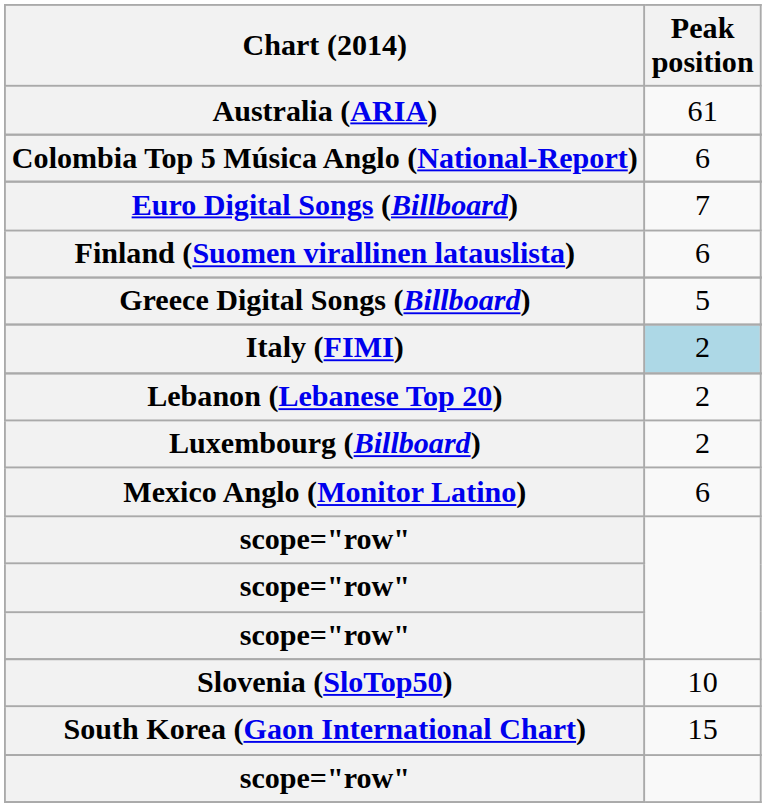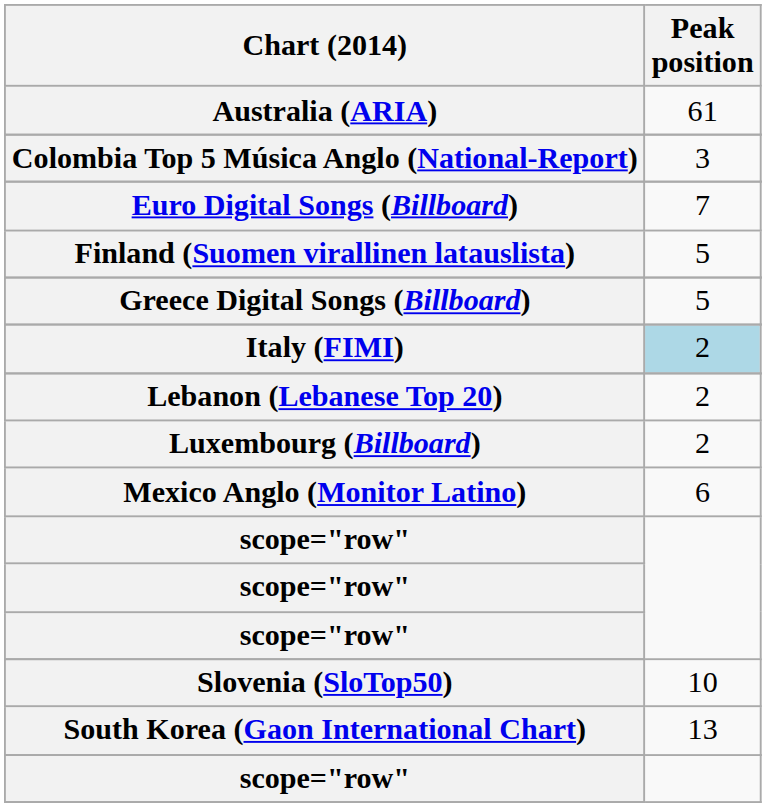 <table class="wikitable sortable plainrowheaders">
 <tr>
 <th>Chart (2014)</th>
 <th>Peak<br>position</th>
 </tr>
 <tr>
 <th scope="row">Australia (<a href='#'>ARIA</a>)</th>
 <td style="text-align:center;">61</td>
 </tr>
 <tr>
 </tr>
 <tr>
 </tr>
 <tr>
 </tr>
 <tr>
 </tr>
 <tr>
 </tr>
 <tr>
 </tr>
 <tr>
 </tr>
 <tr>
 </tr>
 <tr>
 <th scope="row">Colombia Top 5 Música Anglo (<a href='#'>National-Report</a>)</th>
-<td style="text-align:center;">6</td>
+<td style="text-align:center;">3</td>
 </tr>
 <tr>
 </tr>
 <tr>
 </tr>
 <tr>
 </tr>
 <tr>
 <th scope="row"><a href='#'>Euro Digital Songs</a> (<em><a href='#'>Billboard</a></em>)</th>
 <td align="center">7</td>
 </tr>
 <tr>
 <th scope="row">Finland (<a href='#'>Suomen virallinen latauslista</a>)</th>
-<td style="text-align:center;">6</td>
+<td style="text-align:center;">5</td>
 </tr>
 <tr>
 </tr>
 <tr>
 </tr>
 <tr>
 <th scope="row">Greece Digital Songs (<em><a href='#'>Billboard</a></em>)</th>
 <td align="center">5</td>
 </tr>
 <tr>
 </tr>
 <tr>
 </tr>
 <tr>
 </tr>
 <tr>
 </tr>
 <tr>
 <th scope="row">Italy (<a href='#'>FIMI</a>)</th>
 <td align="center" style="background: lightblue;">2</td>
 </tr>
 <tr>
 </tr>
 <tr>
 <th scope="row">Lebanon (<a href='#'>Lebanese Top 20</a>)</th>
 <td style="text-align:center;">2</td>
 </tr>
 <tr>
 <th scope="row">Luxembourg (<a href='#'><em>Billboard</em></a>)</th>
 <td style="text-align:center">2</td>
 </tr>
 <tr>
 <th scope="row">Mexico Anglo (<a href='#'>Monitor Latino</a>)</th>
 <td align="center">6</td>
 </tr>
 <tr>
 <th>scope="row"</th>
 </tr>
 <tr>
 <th>scope="row"</th>
 </tr>
 <tr>
 <th>scope="row"</th>
 </tr>
 <tr>
 </tr>
 <tr>
 </tr>
 <tr>
 </tr>
 <tr>
 </tr>
 <tr>
 </tr>
 <tr>
 <th scope="row">Slovenia (<a href='#'>SloTop50</a>)</th>
 <td align=center>10</td>
 </tr>
 <tr>
 <th scope="row">South Korea (<a href='#'>Gaon International Chart</a>)</th>
-<td style="text-align:center;">15</td>
+<td style="text-align:center;">13</td>
 </tr>
 <tr>
 </tr>
 <tr>
 <th>scope="row"</th>
 </tr>
 <tr>
 </tr>
 <tr>
 </tr>
 <tr>
 </tr>
 <tr>
 </tr>
 <tr>
 </tr>
 <tr>
 </tr>
 <tr>
 </tr>
 <tr>
 </tr>
 </table>
